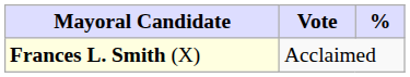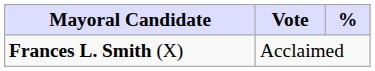 <table class="wikitable">
 <tr>
 <th style="background:#ddf; width:200px;">Mayoral Candidate</th>
 <th style="background:#ddf; width:50px;">Vote</th>
 <th style="background:#ddf; width:30px;">%</th>
 </tr>
 <tr>
-<td style="background: lightyellow;"><strong>Frances L. Smith</strong> (X)</td>
+<td><strong>Frances L. Smith</strong> (X)</td>
 <td colspan="2">Acclaimed</td>
 </tr>
 </table>
